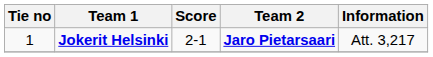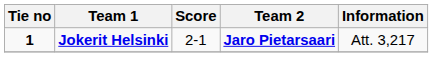 <table class="wikitable" style="text-align:center">
 <tr>
 <th style= width="40px">Tie no</th>
 <th style= width="150px">Team 1</th>
 <th style= width="60px">Score</th>
 <th style= width="150px">Team 2</th>
 <th style= width="30px">Information</th>
 </tr>
 <tr>
-<td>1</td>
+<td><strong>1</strong></td>
 <td><strong><a href='#'>Jokerit Helsinki</a></strong></td>
 <td>2-1</td>
 <td><strong><a href='#'>Jaro Pietarsaari</a></strong></td>
 <td>Att.  3,217</td>
 </tr>
 <tr>
 </tr>
 </table>
